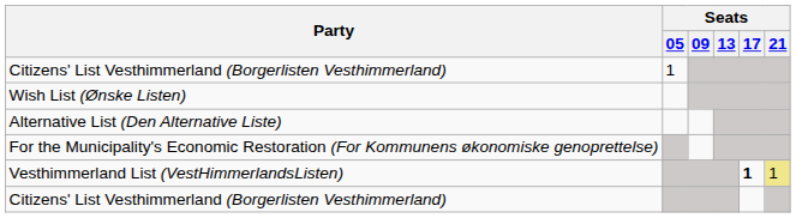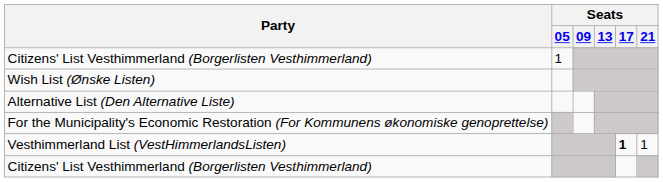 <table class="wikitable">
 <tr>
 <th rowspan=2>Party</th>
 <th colspan=11>Seats</th>
 </tr>
 <tr>
 <th><a href='#'>05</a></th>
 <th><a href='#'>09</a></th>
 <th><a href='#'>13</a></th>
 <th><a href='#'>17</a></th>
 <th><a href='#'>21</a></th>
 </tr>
 <tr>
 <td>Citizens' List Vesthimmerland <em>(Borgerlisten Vesthimmerland)</em></td>
 <td>1</td>
 <td style="background:#CDC9C9;" colspan=4></td>
 </tr>
 <tr>
 <td>Wish List <em>(Ønske Listen)</em></td>
 <td></td>
 <td style="background:#CDC9C9;" colspan=4></td>
 </tr>
 <tr>
 <td>Alternative List <em>(Den Alternative Liste)</em></td>
 <td></td>
 <td></td>
 <td style="background:#CDC9C9;" colspan=3></td>
 </tr>
 <tr>
 <td>For the Municipality's Economic Restoration <em>(For Kommunens økonomiske genoprettelse)</em></td>
 <td style="background:#CDC9C9;"></td>
 <td></td>
 <td style="background:#CDC9C9;" colspan=3></td>
 </tr>
 <tr>
 <td>Vesthimmerland List <em>(VestHimmerlandsListen)</em></td>
 <td style="background:#CDC9C9;" colspan=3></td>
 <td><strong>1</strong></td>
-<td style="background: khaki;">1</td>
+<td>1</td>
 </tr>
 <tr>
 <td>Citizens' List Vesthimmerland <em>(Borgerlisten Vesthimmerland)</em></td>
 <td style="background:#CDC9C9;" colspan=3></td>
 <td></td>
 <td style="background:#CDC9C9;"></td>
 </tr>
 </table>
